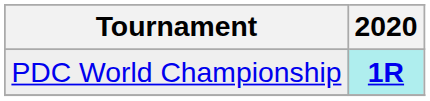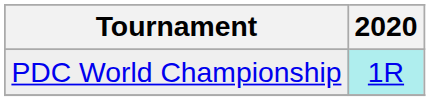 <table class="wikitable">
 <tr>
 <th>Tournament</th>
 <th>2020</th>
 </tr>
 <tr>
 <td style="background:#efefef;"><a href='#'>PDC World Championship</a></td>
-<td style="text-align:center; background:#afeeee;"><strong><a href='#'>1R</a></strong></td>
+<td style="text-align:center; background:#afeeee;"><a href='#'>1R</a></td>
 </tr>
 <tr>
 </tr>
 </table>
